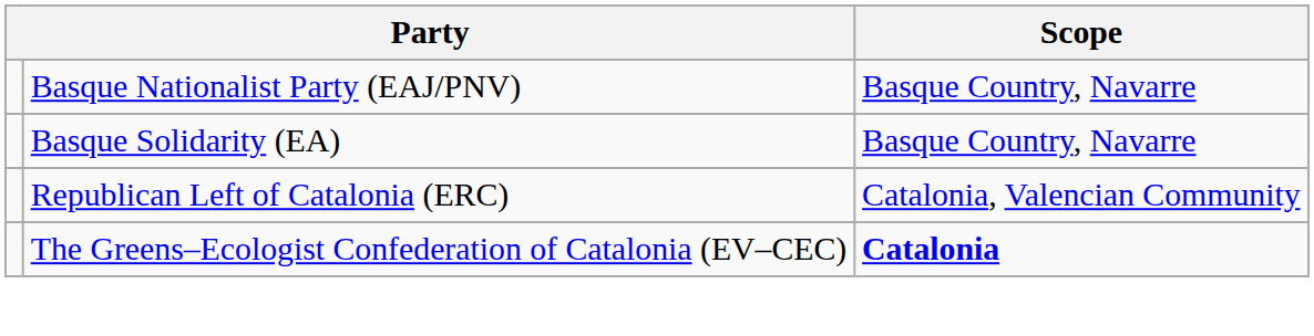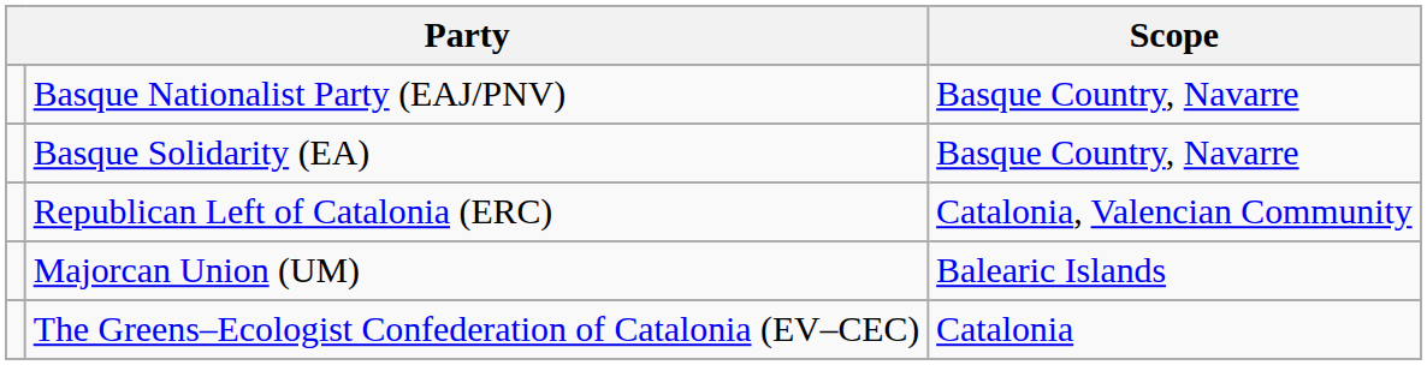 <table class="wikitable" style="text-align:left; font-size:95%;">
 <tr>
 <th colspan="2">Party</th>
 <th>Scope</th>
 </tr>
 <tr>
 <td width="1"></td>
 <td><a href='#'>Basque Nationalist Party</a> (EAJ/PNV)</td>
 <td><a href='#'>Basque Country</a>, <a href='#'>Navarre</a></td>
 </tr>
 <tr>
 <td></td>
 <td><a href='#'>Basque Solidarity</a> (EA)</td>
 <td><a href='#'>Basque Country</a>, <a href='#'>Navarre</a></td>
 </tr>
 <tr>
 <td></td>
 <td><a href='#'>Republican Left of Catalonia</a> (ERC)</td>
 <td><a href='#'>Catalonia</a>, <a href='#'>Valencian Community</a></td>
 </tr>
 <tr>
 <td></td>
+<td><a href='#'>Majorcan Union</a> (UM)</td>
+<td><a href='#'>Balearic Islands</a></td>
+</tr>
+<tr>
+<td></td>
 <td><a href='#'>The Greens–Ecologist Confederation of Catalonia</a> (EV–CEC)</td>
-<td><strong><a href='#'>Catalonia</a></strong></td>
+<td><a href='#'>Catalonia</a></td>
 </tr>
 </table>
